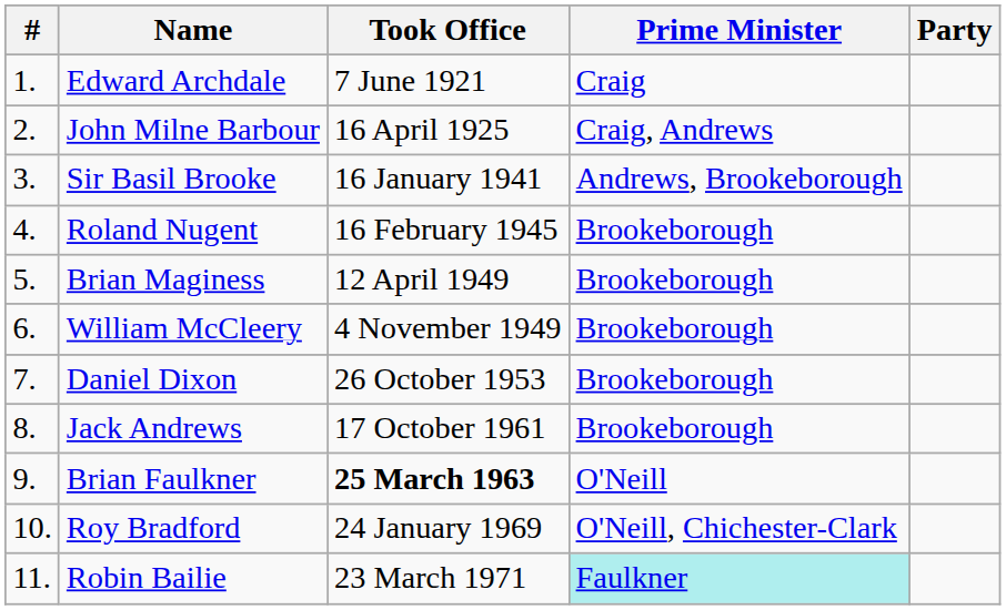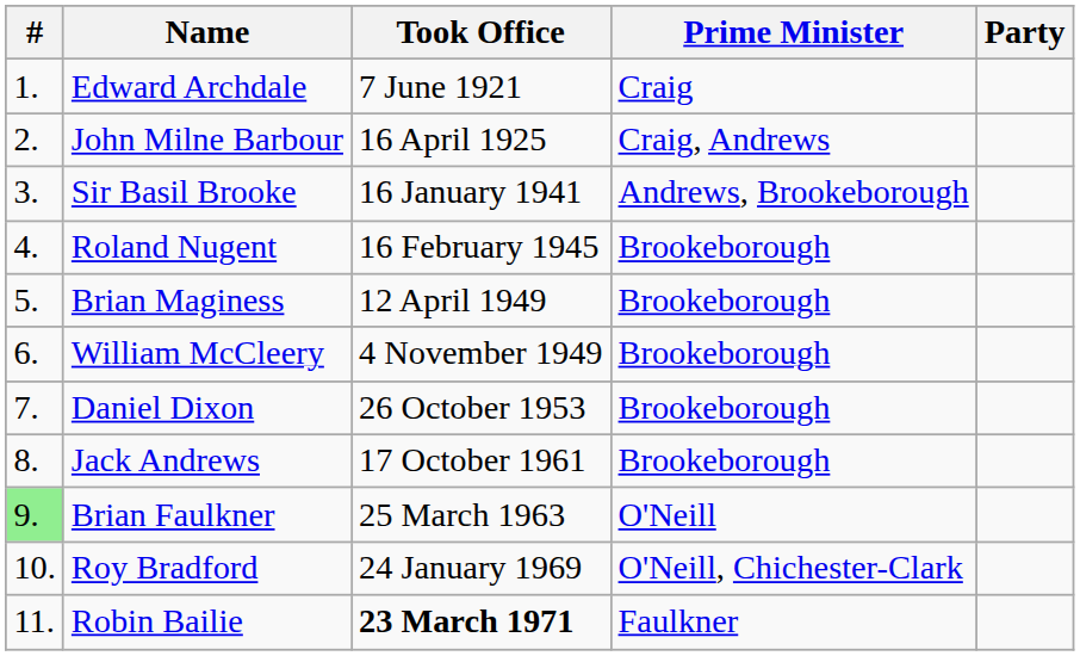 <table class="wikitable">
 <tr>
 <th>#</th>
 <th>Name</th>
 <th>Took Office</th>
 <th><a href='#'>Prime Minister</a></th>
 <th colspan=2>Party</th>
 </tr>
 <tr>
 <td>1.</td>
 <td><a href='#'>Edward Archdale</a></td>
 <td>7 June 1921</td>
 <td><a href='#'>Craig</a></td>
 <td></td>
 </tr>
 <tr>
 <td>2.</td>
 <td><a href='#'>John Milne Barbour</a></td>
 <td>16 April 1925</td>
 <td><a href='#'>Craig</a>, <a href='#'>Andrews</a></td>
 <td></td>
 </tr>
 <tr>
 <td>3.</td>
 <td><a href='#'>Sir Basil Brooke</a></td>
 <td>16 January 1941</td>
 <td><a href='#'>Andrews</a>, <a href='#'>Brookeborough</a></td>
 <td></td>
 </tr>
 <tr>
 <td>4.</td>
 <td><a href='#'>Roland Nugent</a></td>
 <td>16 February 1945</td>
 <td><a href='#'>Brookeborough</a></td>
 <td></td>
 </tr>
 <tr>
 <td>5.</td>
 <td><a href='#'>Brian Maginess</a></td>
 <td>12 April 1949</td>
 <td><a href='#'>Brookeborough</a></td>
 <td></td>
 </tr>
 <tr>
 <td>6.</td>
 <td><a href='#'>William McCleery</a></td>
 <td>4 November 1949</td>
 <td><a href='#'>Brookeborough</a></td>
 <td></td>
 </tr>
 <tr>
 <td>7.</td>
 <td><a href='#'>Daniel Dixon</a></td>
 <td>26 October 1953</td>
 <td><a href='#'>Brookeborough</a></td>
 <td></td>
 </tr>
 <tr>
 <td>8.</td>
 <td><a href='#'>Jack Andrews</a></td>
 <td>17 October 1961</td>
 <td><a href='#'>Brookeborough</a></td>
 <td></td>
 </tr>
 <tr>
-<td>9.</td>
+<td style="background: lightgreen;">9.</td>
 <td><a href='#'>Brian Faulkner</a></td>
-<td><strong>25 March 1963</strong></td>
+<td>25 March 1963</td>
 <td><a href='#'>O'Neill</a></td>
 <td></td>
 </tr>
 <tr>
 <td>10.</td>
 <td><a href='#'>Roy Bradford</a></td>
 <td>24 January 1969</td>
 <td><a href='#'>O'Neill</a>, <a href='#'>Chichester-Clark</a></td>
 <td></td>
 </tr>
 <tr>
 <td>11.</td>
 <td><a href='#'>Robin Bailie</a></td>
-<td>23 March 1971</td>
-<td style="background: paleturquoise;"><a href='#'>Faulkner</a></td>
+<td><strong>23 March 1971</strong></td>
+<td><a href='#'>Faulkner</a></td>
 <td></td>
 </tr>
 </table>
